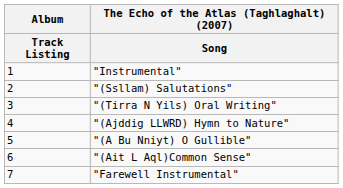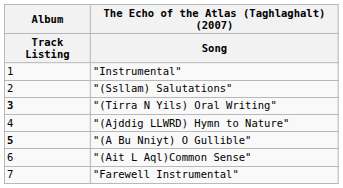 <table class="wikitable">
 <tr>
 <th>Album</th>
 <th>The Echo of the Atlas (Taghlaghalt) (2007)</th>
 </tr>
 <tr>
 <th width="100pt">Track Listing</th>
 <th width="300pt">Song</th>
 </tr>
 <tr>
 <td>1</td>
 <td>"Instrumental"</td>
 </tr>
 <tr>
 <td>2</td>
 <td>"(Ssllam) Salutations"</td>
 </tr>
 <tr>
-<td>3</td>
+<td><strong>3</strong></td>
 <td>"(Tirra N Yils) Oral Writing"</td>
 </tr>
 <tr>
 <td>4</td>
 <td>"(Ajddig LLWRD) Hymn to Nature"</td>
 </tr>
 <tr>
-<td>5</td>
+<td><strong>5</strong></td>
 <td>"(A Bu Nniyt) O Gullible"</td>
 </tr>
 <tr>
 <td>6</td>
 <td>"(Ait L Aql)Common Sense"</td>
 </tr>
 <tr>
 <td>7</td>
 <td>"Farewell Instrumental"</td>
 </tr>
 </table>
